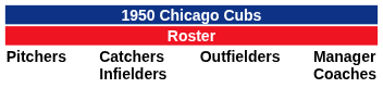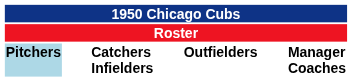 <table class="toccolours" style="font-size: 95%;">
 <tr>
 <th colspan="10" style="background-color: #0e3386; color: white; text-align: center;">1950 Chicago Cubs</th>
 </tr>
 <tr>
 <td colspan="10" style="background-color: #EE1422; color: white; text-align: center;"><strong>Roster</strong></td>
 </tr>
 <tr>
-<td valign="top"><strong>Pitchers</strong><br>           </td>
+<td valign="top" style="background: lightblue;"><strong>Pitchers</strong><br>           </td>
 <td width="25px"></td>
 <td valign="top"><strong>Catchers</strong><br>     <strong>Infielders</strong>        </td>
 <td width="25px"></td>
 <td valign="top"><strong>Outfielders</strong><br>      </td>
 <td width="25px"></td>
 <td valign="top"><strong>Manager</strong><br> <strong>Coaches</strong>   </td>
 </tr>
 <tr>
 </tr>
 </table>
